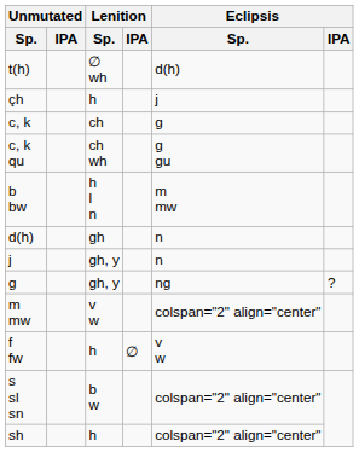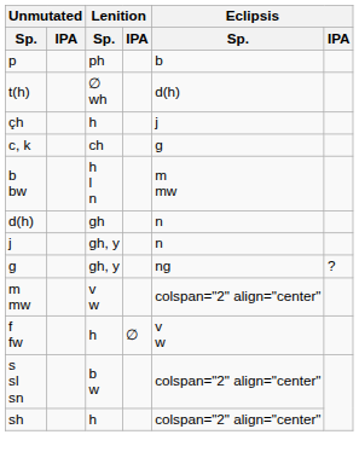 <table class="wikitable">
 <tr>
 <th colspan="2">Unmutated</th>
 <th colspan="2">Lenition</th>
 <th colspan="2">Eclipsis</th>
 </tr>
 <tr>
 <th>Sp.</th>
 <th>IPA</th>
 <th>Sp.</th>
 <th>IPA</th>
 <th>Sp.</th>
 <th>IPA</th>
+</tr>
+<tr>
+<td>p</td>
+<td></td>
+<td>ph</td>
+<td></td>
+<td>b</td>
+<td></td>
 </tr>
 <tr>
 <td>t(h)</td>
 <td></td>
 <td>∅<br>wh</td>
 <td></td>
 <td>d(h)</td>
 <td></td>
 </tr>
 <tr>
 <td>çh</td>
 <td></td>
 <td>h</td>
 <td></td>
 <td>j</td>
 <td></td>
 </tr>
 <tr>
 <td>c, k</td>
 <td></td>
 <td>ch</td>
 <td></td>
 <td>g</td>
-<td></td>
-</tr>
-<tr>
-<td>c, k<br>qu</td>
-<td><br></td>
-<td>ch<br>wh</td>
-<td><br></td>
-<td>g<br>gu</td>
 <td></td>
 </tr>
 <tr>
 <td>b<br>bw</td>
 <td><br></td>
 <td>h<br>l<br>n</td>
 <td><br></td>
 <td>m<br>mw</td>
 <td><br></td>
 </tr>
 <tr>
 <td>d(h)</td>
 <td></td>
 <td>gh</td>
 <td></td>
 <td>n</td>
 <td></td>
 </tr>
 <tr>
 <td>j</td>
 <td></td>
 <td>gh, y</td>
 <td></td>
 <td>n</td>
 <td></td>
 </tr>
 <tr>
 <td>g</td>
 <td></td>
 <td>gh, y</td>
 <td></td>
 <td>ng</td>
 <td>?</td>
 </tr>
 <tr>
 <td>m<br>mw</td>
 <td><br></td>
 <td>v<br>w</td>
 <td><br></td>
 <td>colspan="2" align="center" </td>
 </tr>
 <tr>
 <td>f<br>fw</td>
 <td><br></td>
 <td>h</td>
 <td>∅<br></td>
 <td>v<br>w</td>
 <td><br></td>
 </tr>
 <tr>
 <td>s<br>sl<br>sn</td>
 <td><br><br></td>
 <td>b<br>w</td>
 <td><br><br></td>
 <td>colspan="2" align="center" </td>
 </tr>
 <tr>
 <td>sh</td>
 <td></td>
 <td>h</td>
 <td></td>
 <td>colspan="2" align="center" </td>
 </tr>
 </table>
